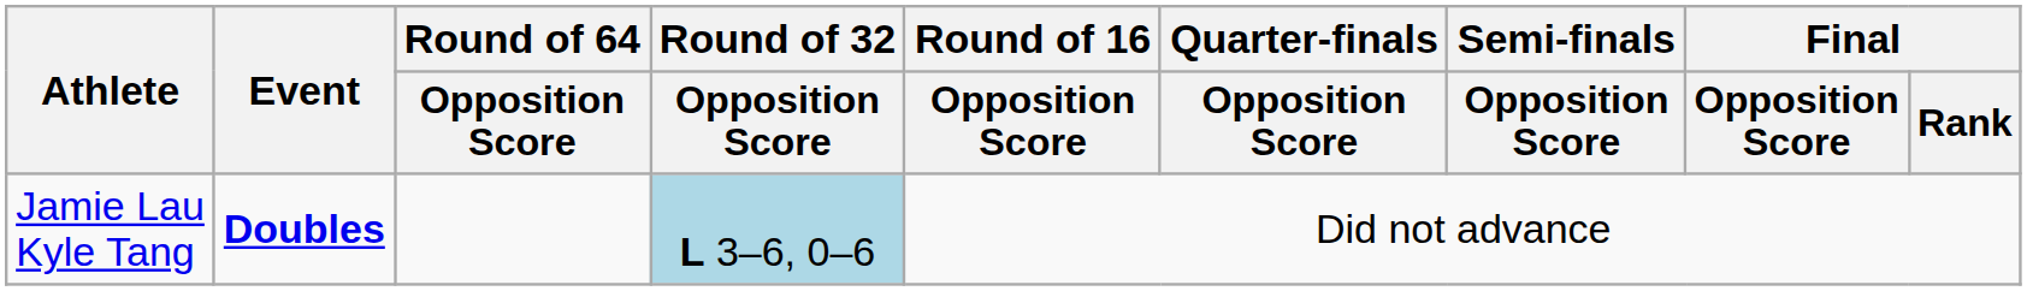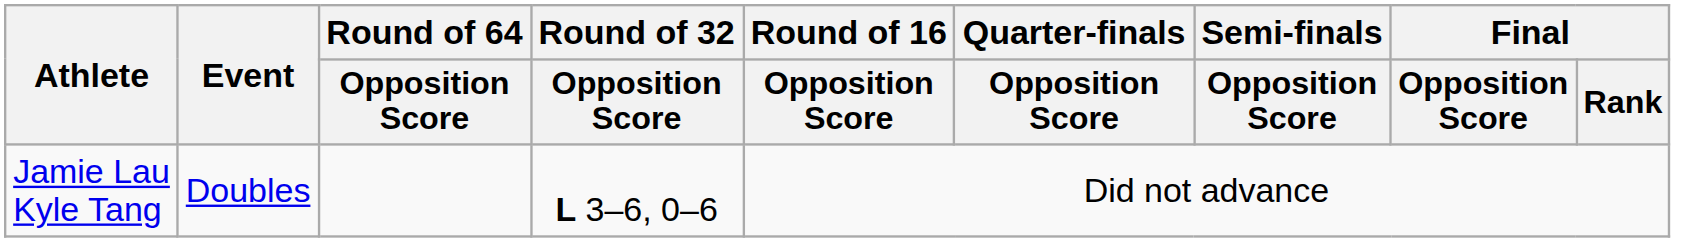 <table class=wikitable style="font-size:90%; text-align:center;">
 <tr>
 <th rowspan="2">Athlete</th>
 <th rowspan="2">Event</th>
 <th>Round of 64</th>
 <th>Round of 32</th>
 <th>Round of 16</th>
 <th>Quarter-finals</th>
 <th>Semi-finals</th>
 <th colspan=2>Final</th>
 </tr>
 <tr style="font-size:95%">
 <th>Opposition<br>Score</th>
 <th>Opposition<br>Score</th>
 <th>Opposition<br>Score</th>
 <th>Opposition<br>Score</th>
 <th>Opposition<br>Score</th>
 <th>Opposition<br>Score</th>
 <th>Rank</th>
 </tr>
 <tr>
 <td align=left><a href='#'>Jamie Lau</a><br><a href='#'>Kyle Tang</a></td>
-<td align=left><strong><a href='#'>Doubles</a></strong></td>
+<td align=left><a href='#'>Doubles</a></td>
 <td></td>
-<td style="background: lightblue;"><br><strong>L</strong> 3–6, 0–6</td>
+<td><br><strong>L</strong> 3–6, 0–6</td>
 <td colspan=5>Did not advance</td>
 </tr>
 </table>
